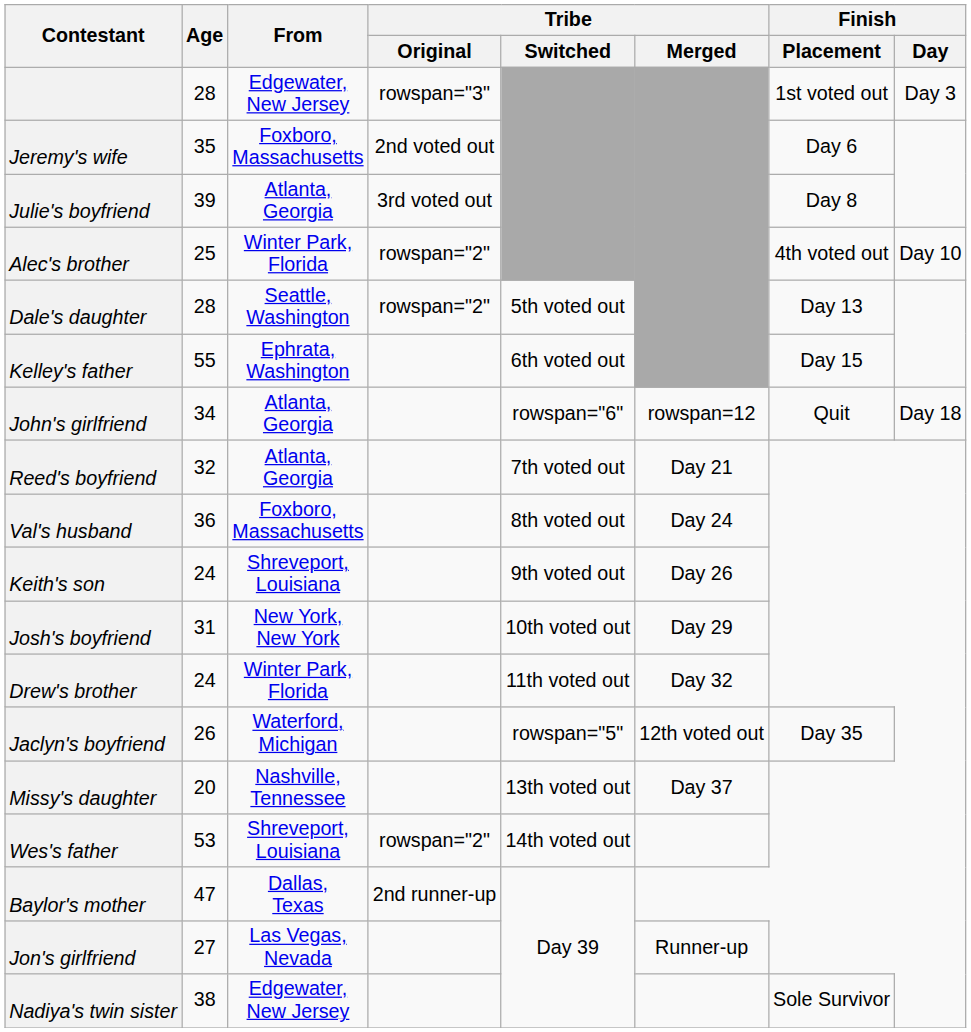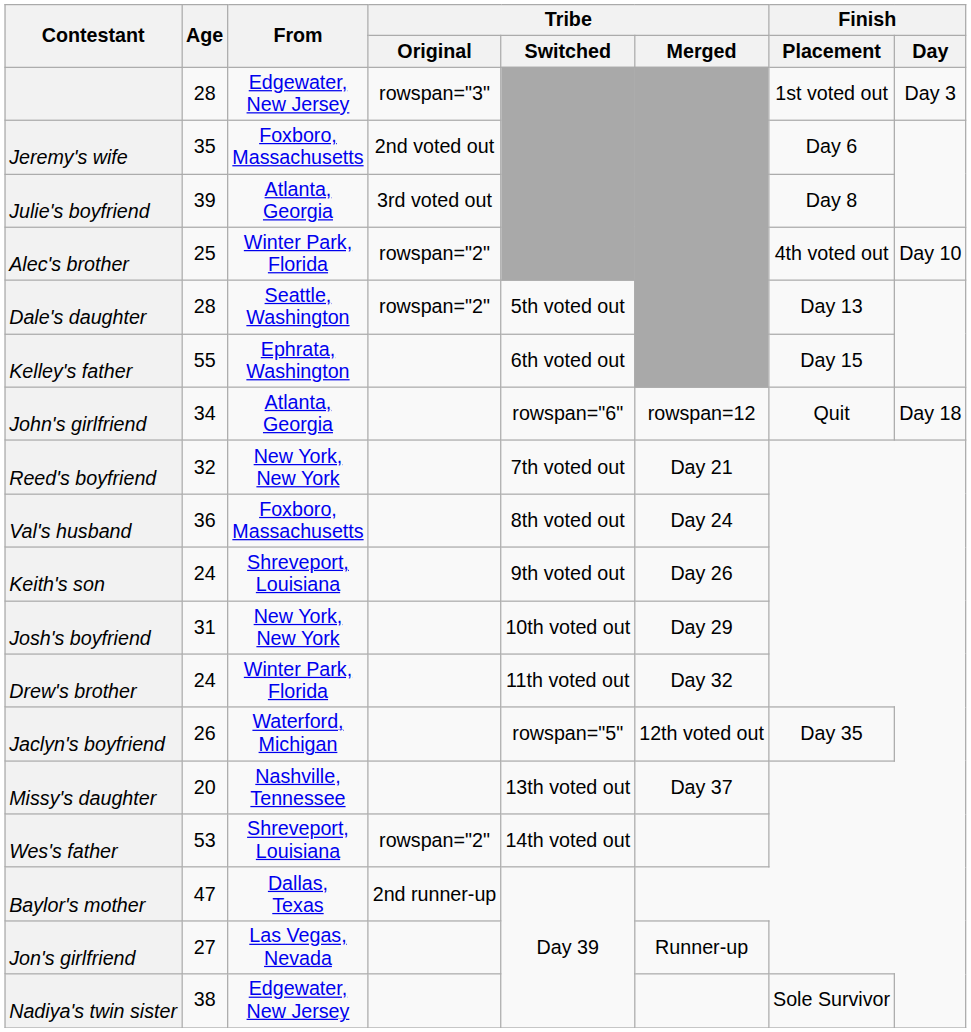 <table class="wikitable sortable" style="margin:auto; text-align:center">
 <tr>
 <th rowspan="2" scope="col">Contestant</th>
 <th rowspan="2" scope="col">Age</th>
 <th rowspan="2" scope="col" class=unsortable>From</th>
 <th colspan="3" scope="colgroup">Tribe</th>
 <th colspan="2" scope="colgroup">Finish</th>
 </tr>
 <tr>
 <th scope="col">Original</th>
 <th scope="col">Switched</th>
 <th scope="col" class=unsortable>Merged</th>
 <th scope="col" class=unsortable>Placement</th>
 <th scope="col" class=unsortable>Day</th>
 </tr>
 <tr>
 <th scope="row" style="text-align:left;font-weight:normal"><br></th>
 <td>28</td>
 <td><a href='#'>Edgewater,<br>New Jersey</a></td>
 <td>rowspan="3" </td>
 <td rowspan="4" style="background:darkgrey;"></td>
 <td rowspan="6" style="background:darkgrey;"></td>
 <td>1st voted out</td>
 <td>Day 3</td>
 </tr>
 <tr>
 <th scope="row" style="text-align:left;font-weight:normal"><strong></strong><br><em>Jeremy's wife</em></th>
 <td>35</td>
 <td><a href='#'>Foxboro,<br>Massachusetts</a></td>
 <td>2nd voted out</td>
 <td>Day 6</td>
 </tr>
 <tr>
 <th scope="row" style="text-align:left;font-weight:normal"><strong></strong><br><em>Julie's boyfriend</em></th>
 <td>39</td>
 <td><a href='#'>Atlanta,<br>Georgia</a></td>
 <td>3rd voted out</td>
 <td>Day 8</td>
 </tr>
 <tr>
 <th scope="row" style="text-align:left;font-weight:normal"><strong></strong><br><em>Alec's brother</em></th>
 <td>25</td>
 <td><a href='#'>Winter Park,<br>Florida</a></td>
 <td>rowspan="2" </td>
 <td>4th voted out</td>
 <td>Day 10</td>
 </tr>
 <tr>
 <th scope="row" style="text-align:left;font-weight:normal"><strong></strong><br><em>Dale's daughter</em></th>
 <td>28</td>
 <td><a href='#'>Seattle,<br>Washington</a></td>
 <td>rowspan="2" </td>
 <td>5th voted out</td>
 <td>Day 13</td>
 </tr>
 <tr>
 <th scope="row" style="text-align:left;font-weight:normal"><strong></strong><br><em>Kelley's father</em></th>
 <td>55</td>
 <td><a href='#'>Ephrata,<br>Washington</a></td>
 <td></td>
 <td>6th voted out</td>
 <td>Day 15</td>
 </tr>
 <tr>
 <th scope="row" style="text-align:left;font-weight:normal"><strong></strong><br><em>John's girlfriend</em></th>
 <td>34</td>
 <td><a href='#'>Atlanta,<br>Georgia</a></td>
 <td></td>
 <td>rowspan="6" </td>
 <td>rowspan=12 </td>
 <td>Quit</td>
 <td>Day 18</td>
 </tr>
 <tr>
 <th scope="row" style="text-align:left;font-weight:normal"><strong></strong><br><em>Reed's boyfriend</em></th>
 <td>32</td>
-<td><a href='#'>Atlanta,<br>Georgia</a></td>
+<td><a href='#'>New York,<br>New York</a></td>
 <td></td>
 <td>7th voted out<br></td>
 <td>Day 21</td>
 </tr>
 <tr>
 <th scope="row" style="text-align:left;font-weight:normal"><strong></strong><br><em>Val's husband</em></th>
 <td>36</td>
 <td><a href='#'>Foxboro,<br>Massachusetts</a></td>
 <td></td>
 <td>8th voted out<br></td>
 <td>Day 24</td>
 </tr>
 <tr>
 <th scope="row" style="text-align:left;font-weight:normal"><strong></strong><br><em>Keith's son</em></th>
 <td>24</td>
 <td><a href='#'>Shreveport,<br>Louisiana</a></td>
 <td></td>
 <td>9th voted out<br></td>
 <td>Day 26</td>
 </tr>
 <tr>
 <th scope="row" style="text-align:left;font-weight:normal"><strong></strong><br><em>Josh's boyfriend</em></th>
 <td>31</td>
 <td><a href='#'>New York,<br>New York</a></td>
 <td></td>
 <td>10th voted out<br></td>
 <td>Day 29</td>
 </tr>
 <tr>
 <th scope="row" style="text-align:left;font-weight:normal"><strong></strong><br><em>Drew's brother</em></th>
 <td>24</td>
 <td><a href='#'>Winter Park,<br>Florida</a></td>
 <td></td>
 <td>11th voted out<br></td>
 <td>Day 32</td>
 </tr>
 <tr>
 <th scope="row" style="text-align:left;font-weight:normal"><strong></strong><br><em>Jaclyn's boyfriend</em></th>
 <td>26</td>
 <td><a href='#'>Waterford,<br>Michigan</a></td>
 <td></td>
 <td>rowspan="5" </td>
 <td>12th voted out<br></td>
 <td>Day 35</td>
 </tr>
 <tr>
 <th scope="row" style="text-align:left;font-weight:normal"><strong></strong><br><em>Missy's daughter</em></th>
 <td>20</td>
 <td><a href='#'>Nashville,<br>Tennessee</a></td>
 <td></td>
 <td>13th voted out<br></td>
 <td>Day 37</td>
 </tr>
 <tr>
 <th scope="row" style="text-align:left;font-weight:normal"><strong></strong><br><em>Wes's father</em></th>
 <td>53</td>
 <td><a href='#'>Shreveport,<br>Louisiana</a></td>
 <td>rowspan="2" </td>
 <td>14th voted out<br></td>
 <td></td>
 </tr>
 <tr>
 <th scope="row" style="text-align:left;font-weight:normal"><strong></strong><br><em>Baylor's mother</em></th>
 <td>47</td>
 <td><a href='#'>Dallas,<br>Texas</a></td>
 <td>2nd runner-up</td>
 <td rowspan="3">Day 39</td>
 </tr>
 <tr>
 <th scope="row" style="text-align:left;font-weight:normal"><strong></strong><br><em>Jon's girlfriend</em></th>
 <td>27</td>
 <td><a href='#'>Las Vegas,<br>Nevada</a></td>
 <td></td>
 <td>Runner-up</td>
 </tr>
 <tr>
 <th scope="row" style="text-align:left;font-weight:normal"><strong></strong><br><em>Nadiya's twin sister</em></th>
 <td>38</td>
 <td><a href='#'>Edgewater,<br>New Jersey</a></td>
 <td></td>
 <td></td>
 <td>Sole Survivor</td>
 </tr>
 </table>
